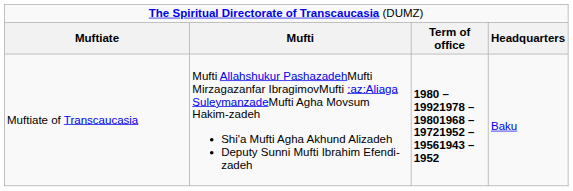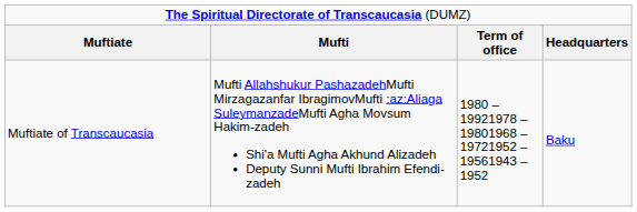 <table class=wikitable>
 <tr>
 <td colspan=4 align=center><strong><a href='#'>The Spiritual Directorate of Transcaucasia</a></strong> (DUMZ)</td>
 </tr>
 <tr>
 <th scope="row" width="250">Muftiate</th>
 <th scope="row" width="300">Mufti</th>
 <th scope="row" width="100">Term of office</th>
 <th scope="row" width="100">Headquarters</th>
 </tr>
 <tr>
 <td>Muftiate of <a href='#'>Transcaucasia</a></td>
 <td><br>Mufti <a href='#'>Allahshukur Pashazadeh</a>Mufti Mirzagazanfar IbragimovMufti <a href='#'>:az:Aliaga Suleymanzade</a>Mufti Agha Movsum Hakim-zadeh<ul><li>Shi'a Mufti Agha Akhund Alizadeh</li><li>Deputy Sunni Mufti Ibrahim Efendi-zadeh</li></ul></td>
-<td><strong><br>1980 – 19921978 – 19801968 – 19721952 – 19561943 – 1952</strong></td>
+<td><br>1980 – 19921978 – 19801968 – 19721952 – 19561943 – 1952</td>
 <td><br><a href='#'>Baku</a></td>
 </tr>
 </table>
